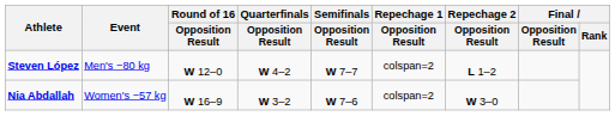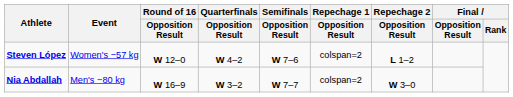 <table class=wikitable style=font-size:90%;text-align:center>
 <tr>
 <th rowspan=2>Athlete</th>
 <th rowspan=2>Event</th>
 <th>Round of 16</th>
 <th>Quarterfinals</th>
 <th>Semifinals</th>
 <th>Repechage 1</th>
 <th>Repechage 2</th>
 <th colspan=2>Final / </th>
 </tr>
 <tr style=font-size:95%>
 <th>Opposition<br>Result</th>
 <th>Opposition<br>Result</th>
 <th>Opposition<br>Result</th>
 <th>Opposition<br>Result</th>
 <th>Opposition<br>Result</th>
 <th>Opposition<br>Result</th>
 <th>Rank</th>
 </tr>
 <tr>
 <td align=left><strong><a href='#'>Steven López</a></strong></td>
-<td align=left><a href='#'>Men's −80 kg</a></td>
+<td align=left><a href='#'>Women's −57 kg</a></td>
 <td><br><strong>W</strong> 12–0</td>
 <td><br><strong>W</strong> 4–2</td>
-<td><br><strong>W</strong> 7–7 </td>
+<td><br><strong>W</strong> 7–6</td>
 <td>colspan=2 </td>
 <td><br><strong>L</strong> 1–2</td>
 <td></td>
 </tr>
 <tr>
 <td align=left><strong><a href='#'>Nia Abdallah</a></strong></td>
-<td align=left><a href='#'>Women's −57 kg</a></td>
+<td align=left><a href='#'>Men's −80 kg</a></td>
 <td><br><strong>W</strong> 16–9</td>
 <td><br><strong>W</strong> 3–2</td>
-<td><br><strong>W</strong> 7–6</td>
+<td><br><strong>W</strong> 7–7 </td>
 <td>colspan=2 </td>
 <td><br><strong>W</strong> 3–0</td>
 <td></td>
 </tr>
 </table>
